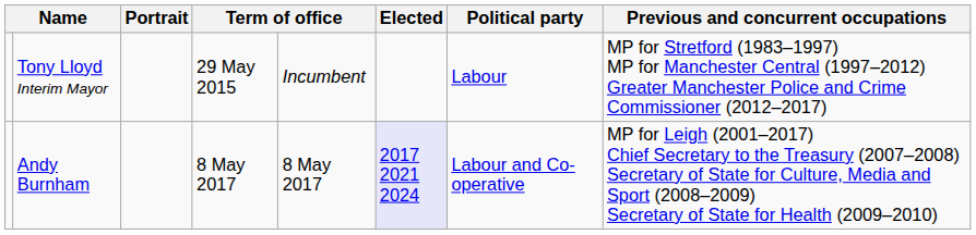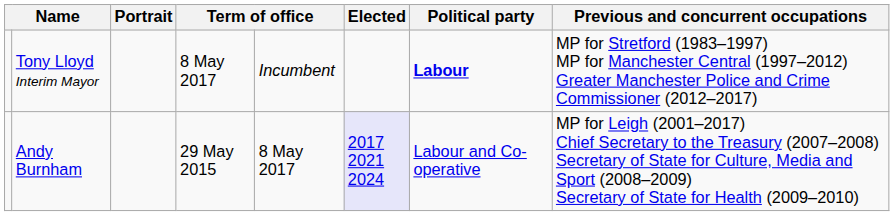 <table class="wikitable">
 <tr>
 <th colspan=2>Name</th>
 <th>Portrait</th>
 <th colspan=2>Term of office</th>
 <th>Elected</th>
 <th>Political party</th>
 <th>Previous and concurrent occupations</th>
 </tr>
 <tr>
 <td style="background-color: "></td>
 <td><a href='#'>Tony Lloyd</a><br><small><em>Interim Mayor</em></small></td>
 <td></td>
-<td>29 May 2015</td>
+<td>8 May 2017</td>
 <td><em>Incumbent</em></td>
 <td></td>
-<td><a href='#'>Labour</a></td>
+<td><strong><a href='#'>Labour</a></strong></td>
 <td>MP for <a href='#'>Stretford</a> (1983–1997)<br>MP for <a href='#'>Manchester Central</a> (1997–2012)<br><a href='#'>Greater Manchester Police and Crime Commissioner</a> (2012–2017)</td>
 </tr>
 <tr>
 <td style="background-color: "></td>
 <td><a href='#'>Andy Burnham</a></td>
 <td></td>
-<td>8 May 2017</td>
+<td>29 May 2015</td>
 <td>8 May 2017</td>
 <td style="background: lavender;"><a href='#'>2017</a><br><a href='#'>2021</a><br><a href='#'>2024</a></td>
 <td><a href='#'>Labour and Co-operative</a></td>
 <td>MP for <a href='#'>Leigh</a> (2001–2017)<br><a href='#'>Chief Secretary to the Treasury</a> (2007–2008)<br><a href='#'>Secretary of State for Culture, Media and Sport</a> (2008–2009)<br><a href='#'>Secretary of State for Health</a> (2009–2010)</td>
 </tr>
 </table>
